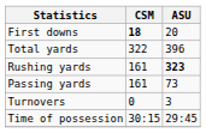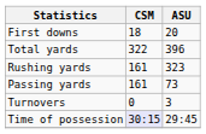 <table class="wikitable" style="float: left;">
 <tr>
 <th>Statistics</th>
 <th>CSM</th>
 <th>ASU</th>
 </tr>
 <tr>
 <td>First downs</td>
-<td><strong>18</strong></td>
+<td>18</td>
 <td>20</td>
 </tr>
 <tr>
 <td>Total yards</td>
 <td>322</td>
 <td>396</td>
 </tr>
 <tr>
 <td>Rushing yards</td>
 <td>161</td>
-<td><strong>323</strong></td>
+<td>323</td>
 </tr>
 <tr>
 <td>Passing yards</td>
 <td>161</td>
 <td>73</td>
 </tr>
 <tr>
 <td>Turnovers</td>
 <td>0</td>
 <td>3</td>
 </tr>
 <tr>
 <td>Time of possession</td>
-<td>30:15</td>
+<td style="background: lavender;">30:15</td>
 <td>29:45</td>
 </tr>
 <tr>
 </tr>
 </table>
